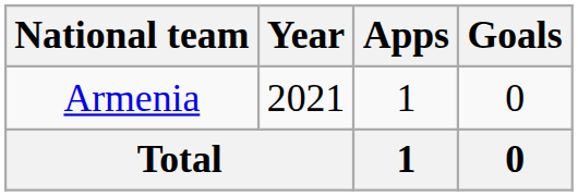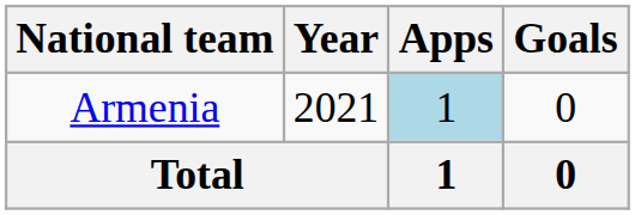 <table class="wikitable" style="text-align:center">
 <tr>
 <th>National team</th>
 <th>Year</th>
 <th>Apps</th>
 <th>Goals</th>
 </tr>
 <tr>
 <td rowspan="1"><a href='#'>Armenia</a></td>
 <td>2021</td>
-<td>1</td>
+<td style="background: lightblue;">1</td>
 <td>0</td>
 </tr>
 <tr>
 <th colspan="2">Total</th>
 <th>1</th>
 <th>0</th>
 </tr>
 </table>
